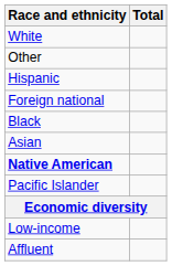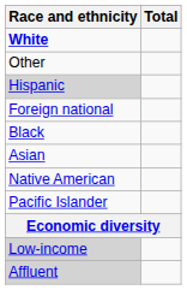 <table class="wikitable floatright sortable collapsible"; text-align:right; font-size:80%;">
 <tr>
 <th>Race and ethnicity</th>
 <th colspan="2" data-sort-type=number>Total</th>
 </tr>
 <tr>
-<td><a href='#'>White</a></td>
+<td><strong><a href='#'>White</a></strong></td>
 <td align=right></td>
 </tr>
 <tr>
 <td>Other</td>
 <td align=right></td>
 </tr>
 <tr>
-<td><a href='#'>Hispanic</a></td>
+<td style="background: lightgrey;"><a href='#'>Hispanic</a></td>
 <td align=right></td>
 </tr>
 <tr>
 <td><a href='#'>Foreign national</a></td>
 <td align=right></td>
 </tr>
 <tr>
 <td><a href='#'>Black</a></td>
 <td align=right></td>
 </tr>
 <tr>
 <td><a href='#'>Asian</a></td>
 <td align=right></td>
 </tr>
 <tr>
-<td><strong><a href='#'>Native American</a></strong></td>
+<td><a href='#'>Native American</a></td>
 <td align=right></td>
 </tr>
 <tr>
 <td><a href='#'>Pacific Islander</a></td>
 <td align=right></td>
 </tr>
 <tr>
 <th colspan="4" data-sort-type=number><a href='#'>Economic diversity</a></th>
 </tr>
 <tr>
-<td><a href='#'>Low-income</a></td>
+<td style="background: lightgrey;"><a href='#'>Low-income</a></td>
 <td align=right></td>
 </tr>
 <tr>
-<td><a href='#'>Affluent</a></td>
+<td style="background: lightgrey;"><a href='#'>Affluent</a></td>
 <td align=right></td>
 </tr>
 </table>
